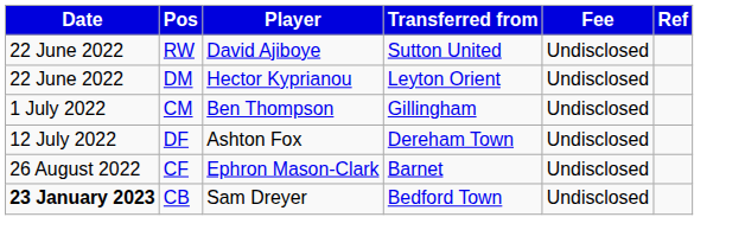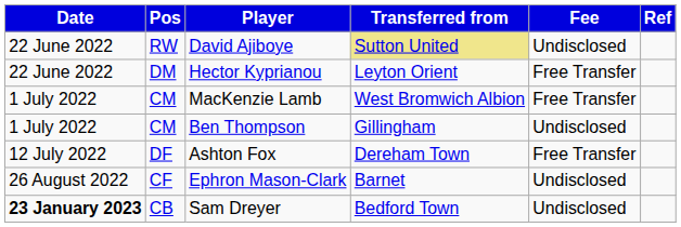 <table class="wikitable plainrowheaders sortable">
 <tr>
 <th style="background:#0000DD; color:#FFFFFF; ">Date</th>
 <th style="background:#0000DD; color:#FFFFFF; ">Pos</th>
 <th style="background:#0000DD; color:#FFFFFF; ">Player</th>
 <th style="background:#0000DD; color:#FFFFFF; ">Transferred from</th>
 <th style="background:#0000DD; color:#FFFFFF; ">Fee</th>
 <th style="background:#0000DD; color:#FFFFFF; ">Ref</th>
 </tr>
 <tr>
 <td>22 June 2022</td>
 <td><a href='#'>RW</a></td>
 <td> <a href='#'>David Ajiboye</a></td>
-<td> <a href='#'>Sutton United</a></td>
+<td style="background: khaki;"> <a href='#'>Sutton United</a></td>
 <td>Undisclosed</td>
 <td></td>
 </tr>
 <tr>
 <td>22 June 2022</td>
 <td><a href='#'>DM</a></td>
 <td> <a href='#'>Hector Kyprianou</a></td>
 <td> <a href='#'>Leyton Orient</a></td>
-<td>Undisclosed</td>
+<td>Free Transfer</td>
+<td></td>
+</tr>
+<tr>
+<td>1 July 2022</td>
+<td><a href='#'>CM</a></td>
+<td> MacKenzie Lamb</td>
+<td> <a href='#'>West Bromwich Albion</a></td>
+<td>Free Transfer</td>
 <td></td>
 </tr>
 <tr>
 <td>1 July 2022</td>
 <td><a href='#'>CM</a></td>
 <td> <a href='#'>Ben Thompson</a></td>
 <td> <a href='#'>Gillingham</a></td>
 <td>Undisclosed</td>
 <td></td>
 </tr>
 <tr>
 <td>12 July 2022</td>
 <td><a href='#'>DF</a></td>
 <td> Ashton Fox</td>
 <td> <a href='#'>Dereham Town</a></td>
-<td>Undisclosed</td>
+<td>Free Transfer</td>
 <td></td>
 </tr>
 <tr>
 <td>26 August 2022</td>
 <td><a href='#'>CF</a></td>
 <td> <a href='#'>Ephron Mason-Clark</a></td>
 <td> <a href='#'>Barnet</a></td>
 <td>Undisclosed</td>
 <td></td>
 </tr>
 <tr>
 <td><strong>23 January 2023</strong></td>
 <td><a href='#'>CB</a></td>
 <td> Sam Dreyer</td>
 <td> <a href='#'>Bedford Town</a></td>
 <td>Undisclosed</td>
 <td></td>
 </tr>
 </table>
